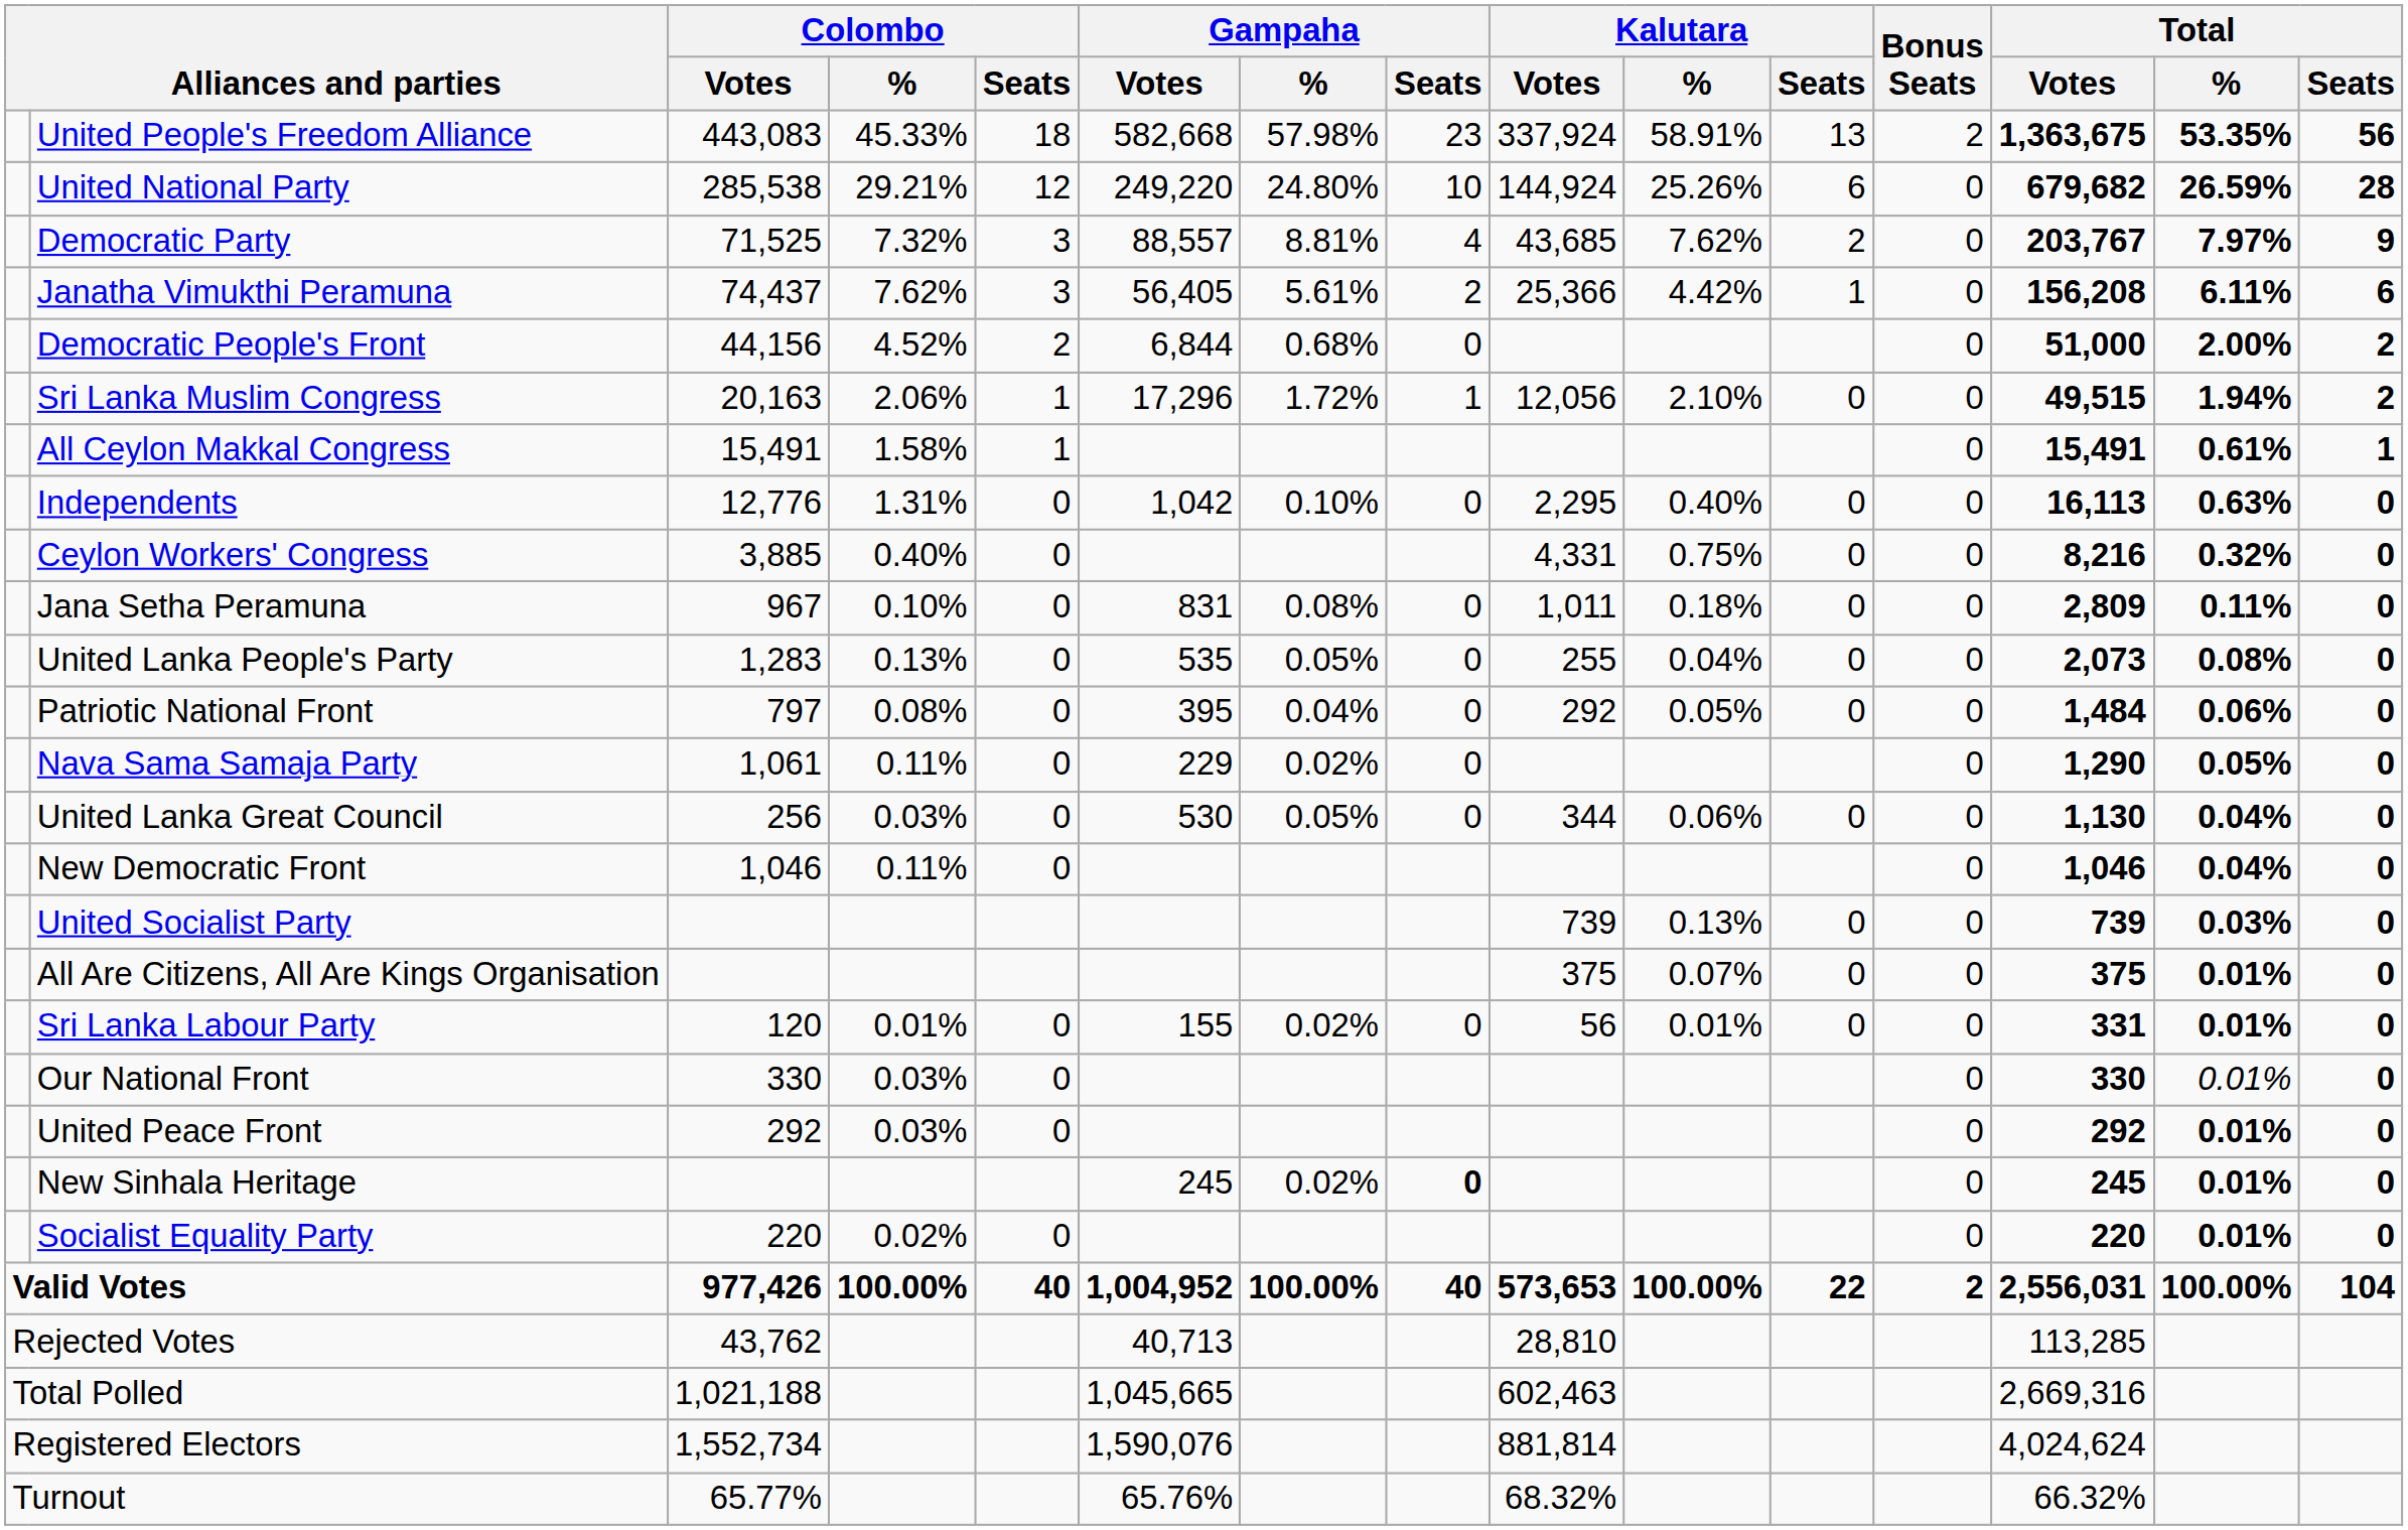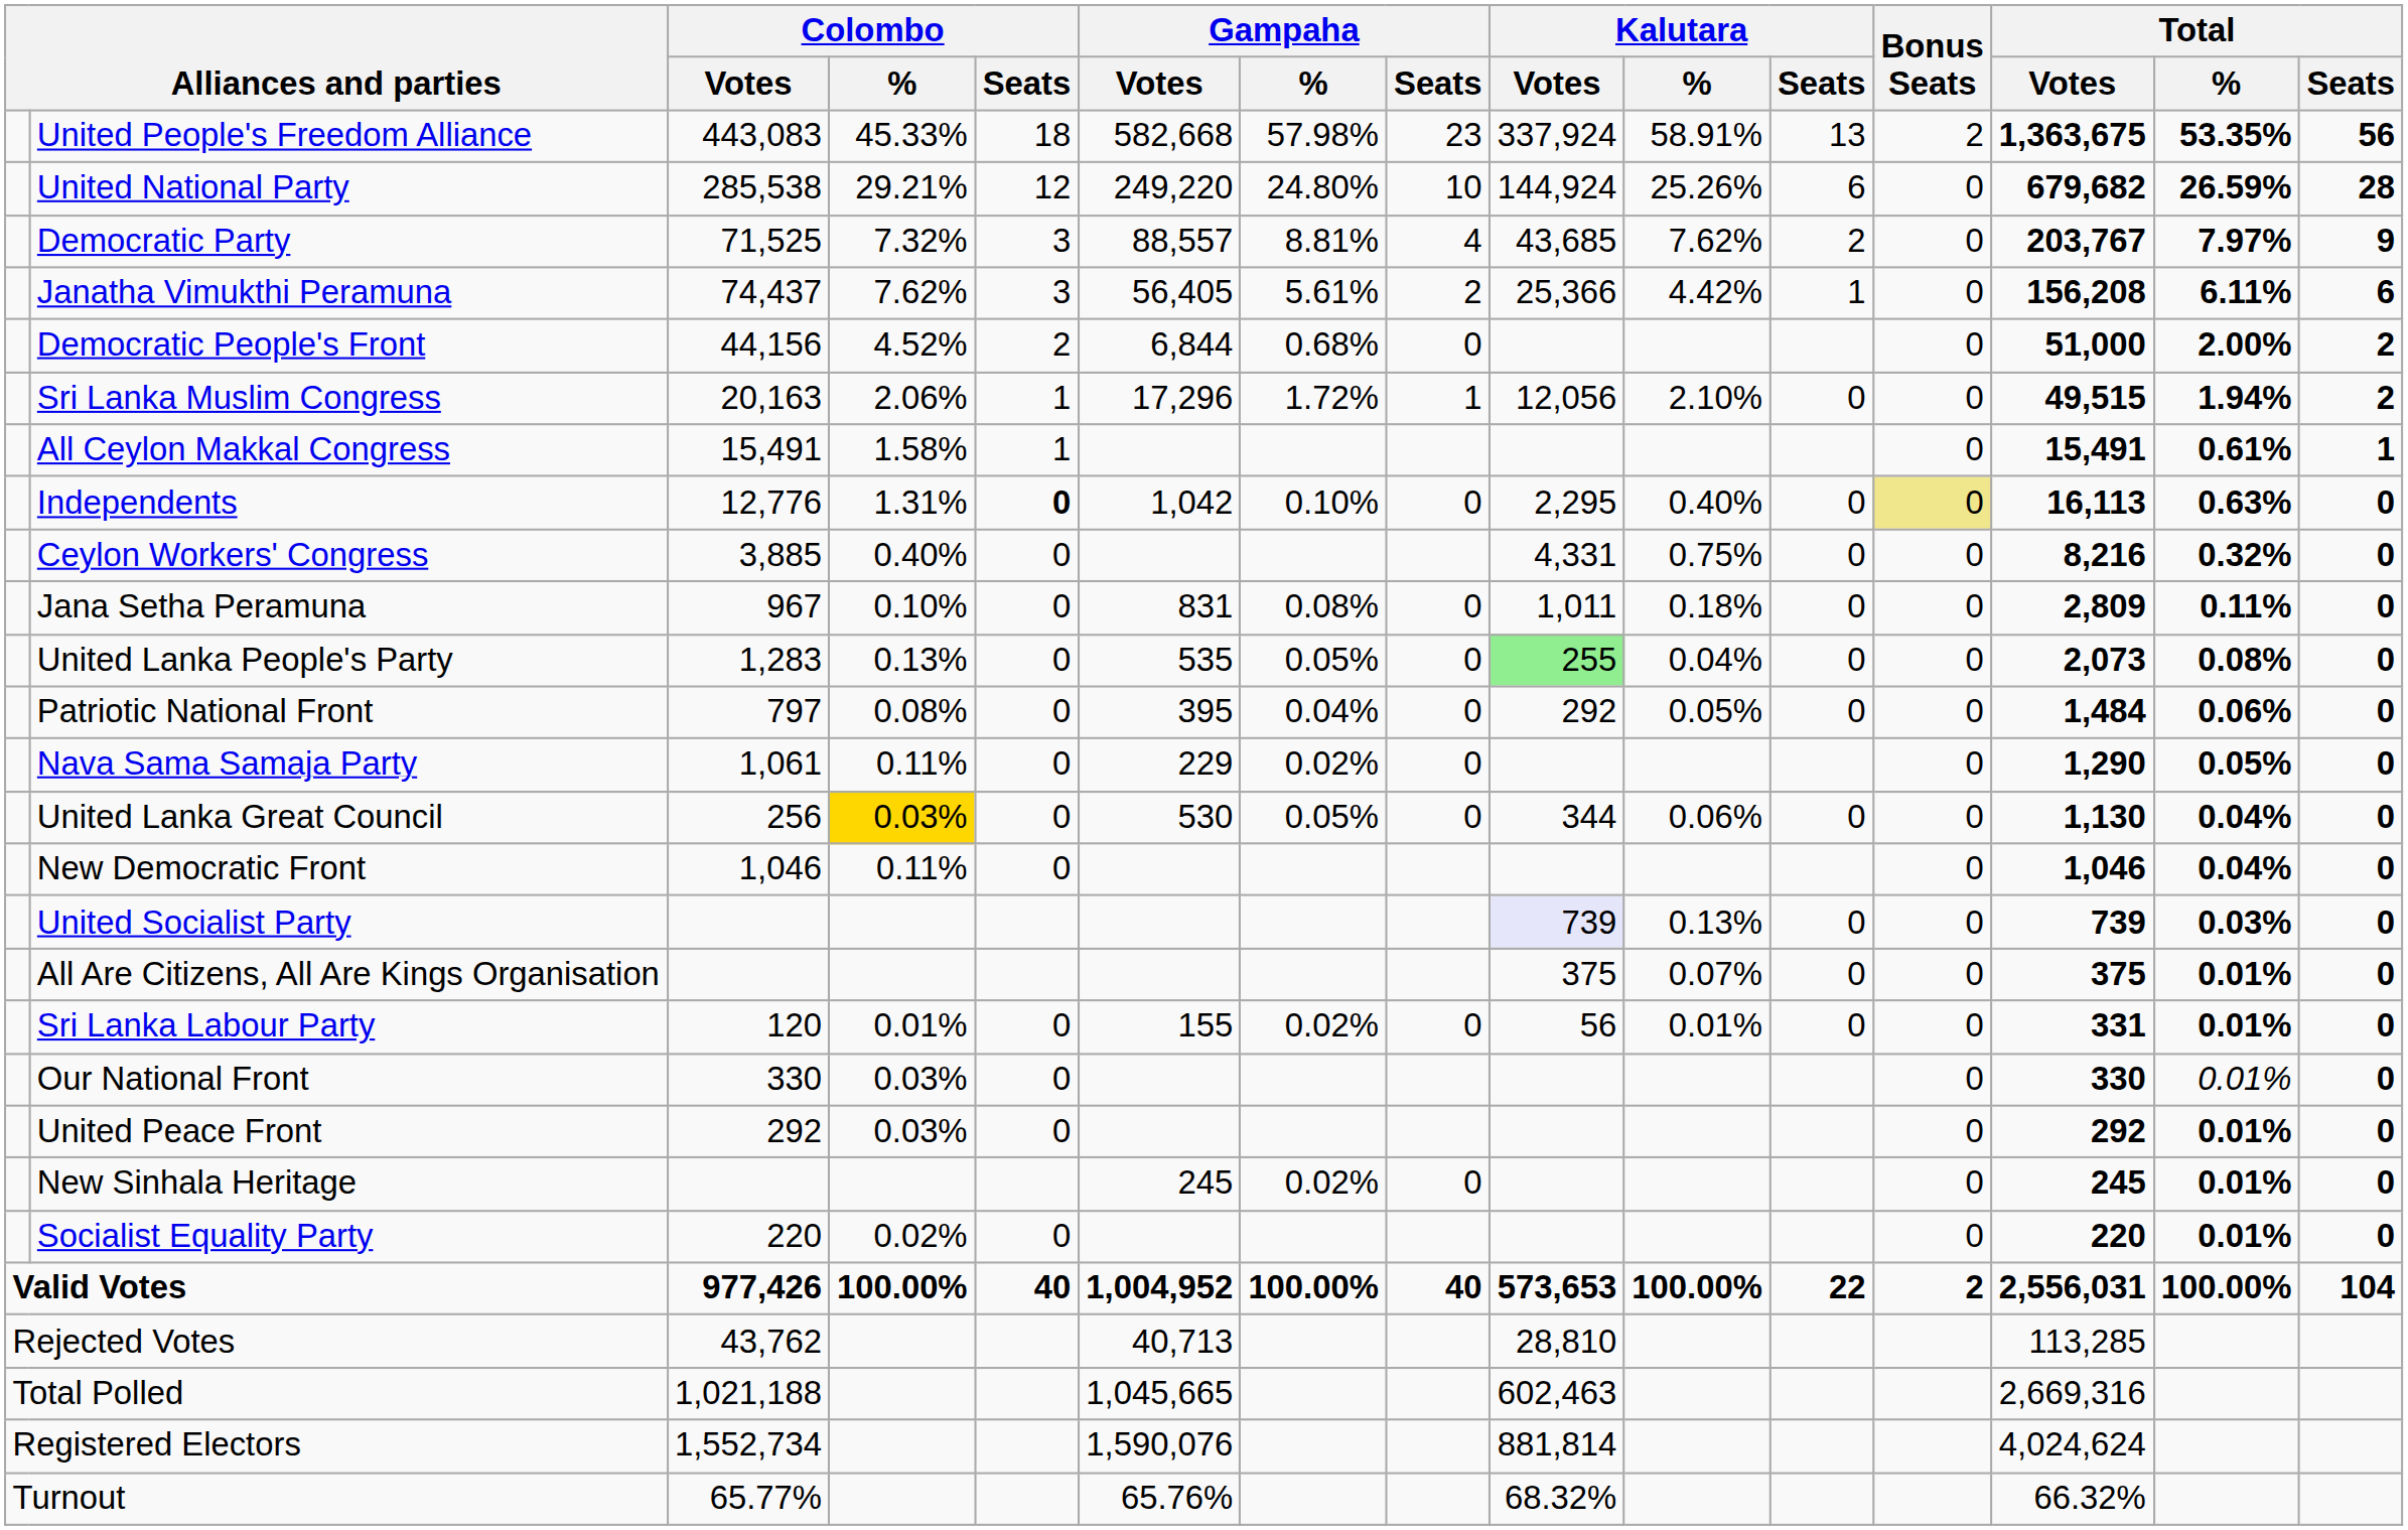 <table class="wikitable" border="1" style="text-align:right;">
 <tr>
 <th valign=bottom rowspan=2 colspan=2 width="200">Alliances and parties</th>
 <th colspan=3><a href='#'>Colombo</a></th>
 <th colspan=3><a href='#'>Gampaha</a></th>
 <th colspan=3><a href='#'>Kalutara</a></th>
 <th valign=bottom rowspan=2 width="40">Bonus<br>Seats</th>
 <th colspan=3>Total</th>
 </tr>
 <tr>
 <th align=center valign=bottom width="50">Votes</th>
 <th align=center valign=bottom width="50">%</th>
 <th align=center valign=bottom width="40">Seats</th>
 <th align=center valign=bottom width="50">Votes</th>
 <th align=center valign=bottom width="50">%</th>
 <th align=center valign=bottom width="40">Seats</th>
 <th align=center valign=bottom width="50">Votes</th>
 <th align=center valign=bottom width="50">%</th>
 <th align=center valign=bottom width="40">Seats</th>
 <th align=center valign=bottom width="50">Votes</th>
 <th align=center valign=bottom width="50">%</th>
 <th align=center valign=bottom width="40">Seats</th>
 </tr>
 <tr>
 <td bgcolor=> </td>
 <td align=left><a href='#'>United People's Freedom Alliance</a></td>
 <td>443,083</td>
 <td>45.33%</td>
 <td>18</td>
 <td>582,668</td>
 <td>57.98%</td>
 <td>23</td>
 <td>337,924</td>
 <td>58.91%</td>
 <td>13</td>
 <td>2</td>
 <td><strong>1,363,675</strong></td>
 <td><strong>53.35%</strong></td>
 <td><strong>56</strong></td>
 </tr>
 <tr>
 <td bgcolor=> </td>
 <td align=left><a href='#'>United National Party</a></td>
 <td>285,538</td>
 <td>29.21%</td>
 <td>12</td>
 <td>249,220</td>
 <td>24.80%</td>
 <td>10</td>
 <td>144,924</td>
 <td>25.26%</td>
 <td>6</td>
 <td>0</td>
 <td><strong>679,682</strong></td>
 <td><strong>26.59%</strong></td>
 <td><strong>28</strong></td>
 </tr>
 <tr>
 <td bgcolor=> </td>
 <td align=left><a href='#'>Democratic Party</a></td>
 <td>71,525</td>
 <td>7.32%</td>
 <td>3</td>
 <td>88,557</td>
 <td>8.81%</td>
 <td>4</td>
 <td>43,685</td>
 <td>7.62%</td>
 <td>2</td>
 <td>0</td>
 <td><strong>203,767</strong></td>
 <td><strong>7.97%</strong></td>
 <td><strong>9</strong></td>
 </tr>
 <tr>
 <td bgcolor=> </td>
 <td align=left><a href='#'>Janatha Vimukthi Peramuna</a></td>
 <td>74,437</td>
 <td>7.62%</td>
 <td>3</td>
 <td>56,405</td>
 <td>5.61%</td>
 <td>2</td>
 <td>25,366</td>
 <td>4.42%</td>
 <td>1</td>
 <td>0</td>
 <td><strong>156,208</strong></td>
 <td><strong>6.11%</strong></td>
 <td><strong>6</strong></td>
 </tr>
 <tr>
 <td bgcolor=> </td>
 <td align=left><a href='#'>Democratic People's Front</a></td>
 <td>44,156</td>
 <td>4.52%</td>
 <td>2</td>
 <td>6,844</td>
 <td>0.68%</td>
 <td>0</td>
 <td></td>
 <td></td>
 <td></td>
 <td>0</td>
 <td><strong>51,000</strong></td>
 <td><strong>2.00%</strong></td>
 <td><strong>2</strong></td>
 </tr>
 <tr>
 <td bgcolor=> </td>
 <td align=left><a href='#'>Sri Lanka Muslim Congress</a></td>
 <td>20,163</td>
 <td>2.06%</td>
 <td>1</td>
 <td>17,296</td>
 <td>1.72%</td>
 <td>1</td>
 <td>12,056</td>
 <td>2.10%</td>
 <td>0</td>
 <td>0</td>
 <td><strong>49,515</strong></td>
 <td><strong>1.94%</strong></td>
 <td><strong>2</strong></td>
 </tr>
 <tr>
 <td bgcolor=> </td>
 <td align=left><a href='#'>All Ceylon Makkal Congress</a></td>
 <td>15,491</td>
 <td>1.58%</td>
 <td>1</td>
 <td></td>
 <td></td>
 <td></td>
 <td></td>
 <td></td>
 <td></td>
 <td>0</td>
 <td><strong>15,491</strong></td>
 <td><strong>0.61%</strong></td>
 <td><strong>1</strong></td>
 </tr>
 <tr>
 <td bgcolor=> </td>
 <td align=left><a href='#'>Independents</a></td>
 <td>12,776</td>
 <td>1.31%</td>
-<td>0</td>
+<td><strong>0</strong></td>
 <td>1,042</td>
 <td>0.10%</td>
 <td>0</td>
 <td>2,295</td>
 <td>0.40%</td>
 <td>0</td>
-<td>0</td>
+<td style="background: khaki;">0</td>
 <td><strong>16,113</strong></td>
 <td><strong>0.63%</strong></td>
 <td><strong>0</strong></td>
 </tr>
 <tr>
 <td bgcolor=> </td>
 <td align=left><a href='#'>Ceylon Workers' Congress</a></td>
 <td>3,885</td>
 <td>0.40%</td>
 <td>0</td>
 <td></td>
 <td></td>
 <td></td>
 <td>4,331</td>
 <td>0.75%</td>
 <td>0</td>
 <td>0</td>
 <td><strong>8,216</strong></td>
 <td><strong>0.32%</strong></td>
 <td><strong>0</strong></td>
 </tr>
 <tr>
 <td></td>
 <td align=left>Jana Setha Peramuna</td>
 <td>967</td>
 <td>0.10%</td>
 <td>0</td>
 <td>831</td>
 <td>0.08%</td>
 <td>0</td>
 <td>1,011</td>
 <td>0.18%</td>
 <td>0</td>
 <td>0</td>
 <td><strong>2,809</strong></td>
 <td><strong>0.11%</strong></td>
 <td><strong>0</strong></td>
 </tr>
 <tr>
 <td></td>
 <td align=left>United Lanka People's Party</td>
 <td>1,283</td>
 <td>0.13%</td>
 <td>0</td>
 <td>535</td>
 <td>0.05%</td>
 <td>0</td>
-<td>255</td>
+<td style="background: lightgreen;">255</td>
 <td>0.04%</td>
 <td>0</td>
 <td>0</td>
 <td><strong>2,073</strong></td>
 <td><strong>0.08%</strong></td>
 <td><strong>0</strong></td>
 </tr>
 <tr>
 <td></td>
 <td align=left>Patriotic National Front</td>
 <td>797</td>
 <td>0.08%</td>
 <td>0</td>
 <td>395</td>
 <td>0.04%</td>
 <td>0</td>
 <td>292</td>
 <td>0.05%</td>
 <td>0</td>
 <td>0</td>
 <td><strong>1,484</strong></td>
 <td><strong>0.06%</strong></td>
 <td><strong>0</strong></td>
 </tr>
 <tr>
 <td bgcolor=> </td>
 <td align=left><a href='#'>Nava Sama Samaja Party</a></td>
 <td>1,061</td>
 <td>0.11%</td>
 <td>0</td>
 <td>229</td>
 <td>0.02%</td>
 <td>0</td>
 <td></td>
 <td></td>
 <td></td>
 <td>0</td>
 <td><strong>1,290</strong></td>
 <td><strong>0.05%</strong></td>
 <td><strong>0</strong></td>
 </tr>
 <tr>
 <td></td>
 <td align=left>United Lanka Great Council</td>
 <td>256</td>
-<td>0.03%</td>
+<td style="background: gold;">0.03%</td>
 <td>0</td>
 <td>530</td>
 <td>0.05%</td>
 <td>0</td>
 <td>344</td>
 <td>0.06%</td>
 <td>0</td>
 <td>0</td>
 <td><strong>1,130</strong></td>
 <td><strong>0.04%</strong></td>
 <td><strong>0</strong></td>
 </tr>
 <tr>
 <td></td>
 <td align=left>New Democratic Front</td>
 <td>1,046</td>
 <td>0.11%</td>
 <td>0</td>
 <td></td>
 <td></td>
 <td></td>
 <td></td>
 <td></td>
 <td></td>
 <td>0</td>
 <td><strong>1,046</strong></td>
 <td><strong>0.04%</strong></td>
 <td><strong>0</strong></td>
 </tr>
 <tr>
 <td bgcolor=> </td>
 <td align=left><a href='#'>United Socialist Party</a></td>
 <td></td>
 <td></td>
 <td></td>
 <td></td>
 <td></td>
 <td></td>
-<td>739</td>
+<td style="background: lavender;">739</td>
 <td>0.13%</td>
 <td>0</td>
 <td>0</td>
 <td><strong>739</strong></td>
 <td><strong>0.03%</strong></td>
 <td><strong>0</strong></td>
 </tr>
 <tr>
 <td></td>
 <td align=left>All Are Citizens, All Are Kings Organisation</td>
 <td></td>
 <td></td>
 <td></td>
 <td></td>
 <td></td>
 <td></td>
 <td>375</td>
 <td>0.07%</td>
 <td>0</td>
 <td>0</td>
 <td><strong>375</strong></td>
 <td><strong>0.01%</strong></td>
 <td><strong>0</strong></td>
 </tr>
 <tr>
 <td></td>
 <td align=left><a href='#'>Sri Lanka Labour Party</a></td>
 <td>120</td>
 <td>0.01%</td>
 <td>0</td>
 <td>155</td>
 <td>0.02%</td>
 <td>0</td>
 <td>56</td>
 <td>0.01%</td>
 <td>0</td>
 <td>0</td>
 <td><strong>331</strong></td>
 <td><strong>0.01%</strong></td>
 <td><strong>0</strong></td>
 </tr>
 <tr>
 <td></td>
 <td align=left>Our National Front</td>
 <td>330</td>
 <td>0.03%</td>
 <td>0</td>
 <td></td>
 <td></td>
 <td></td>
 <td></td>
 <td></td>
 <td></td>
 <td>0</td>
 <td><strong>330</strong></td>
 <td><em>0.01%</em></td>
 <td><strong>0</strong></td>
 </tr>
 <tr>
 <td></td>
 <td align=left>United Peace Front</td>
 <td>292</td>
 <td>0.03%</td>
 <td>0</td>
 <td></td>
 <td></td>
 <td></td>
 <td></td>
 <td></td>
 <td></td>
 <td>0</td>
 <td><strong>292</strong></td>
 <td><strong>0.01%</strong></td>
 <td><strong>0</strong></td>
 </tr>
 <tr>
 <td></td>
 <td align=left>New Sinhala Heritage</td>
 <td></td>
 <td></td>
 <td></td>
 <td>245</td>
 <td>0.02%</td>
-<td><strong>0</strong></td>
+<td>0</td>
 <td></td>
 <td></td>
 <td></td>
 <td>0</td>
 <td><strong>245</strong></td>
 <td><strong>0.01%</strong></td>
 <td><strong>0</strong></td>
 </tr>
 <tr>
 <td bgcolor=> </td>
 <td align=left><a href='#'>Socialist Equality Party</a></td>
 <td>220</td>
 <td>0.02%</td>
 <td>0</td>
 <td></td>
 <td></td>
 <td></td>
 <td></td>
 <td></td>
 <td></td>
 <td>0</td>
 <td><strong>220</strong></td>
 <td><strong>0.01%</strong></td>
 <td><strong>0</strong></td>
 </tr>
 <tr style="font-weight:bold">
 <td colspan=2 align=left>Valid Votes</td>
 <td>977,426</td>
 <td>100.00%</td>
 <td>40</td>
 <td>1,004,952</td>
 <td>100.00%</td>
 <td>40</td>
 <td>573,653</td>
 <td>100.00%</td>
 <td>22</td>
 <td>2</td>
 <td>2,556,031</td>
 <td>100.00%</td>
 <td>104</td>
 </tr>
 <tr>
 <td colspan=2 align=left>Rejected Votes</td>
 <td>43,762</td>
 <td></td>
 <td></td>
 <td>40,713</td>
 <td></td>
 <td></td>
 <td>28,810</td>
 <td></td>
 <td></td>
 <td></td>
 <td>113,285</td>
 <td></td>
 <td></td>
 </tr>
 <tr>
 <td colspan=2 align=left>Total Polled</td>
 <td>1,021,188</td>
 <td></td>
 <td></td>
 <td>1,045,665</td>
 <td></td>
 <td></td>
 <td>602,463</td>
 <td></td>
 <td></td>
 <td></td>
 <td>2,669,316</td>
 <td></td>
 <td></td>
 </tr>
 <tr>
 <td colspan=2 align=left>Registered Electors</td>
 <td>1,552,734</td>
 <td></td>
 <td></td>
 <td>1,590,076</td>
 <td></td>
 <td></td>
 <td>881,814</td>
 <td></td>
 <td></td>
 <td></td>
 <td>4,024,624</td>
 <td></td>
 <td></td>
 </tr>
 <tr>
 <td colspan=2 align=left>Turnout</td>
 <td>65.77%</td>
 <td></td>
 <td></td>
 <td>65.76%</td>
 <td></td>
 <td></td>
 <td>68.32%</td>
 <td></td>
 <td></td>
 <td></td>
 <td>66.32%</td>
 <td></td>
 <td></td>
 </tr>
 </table>
